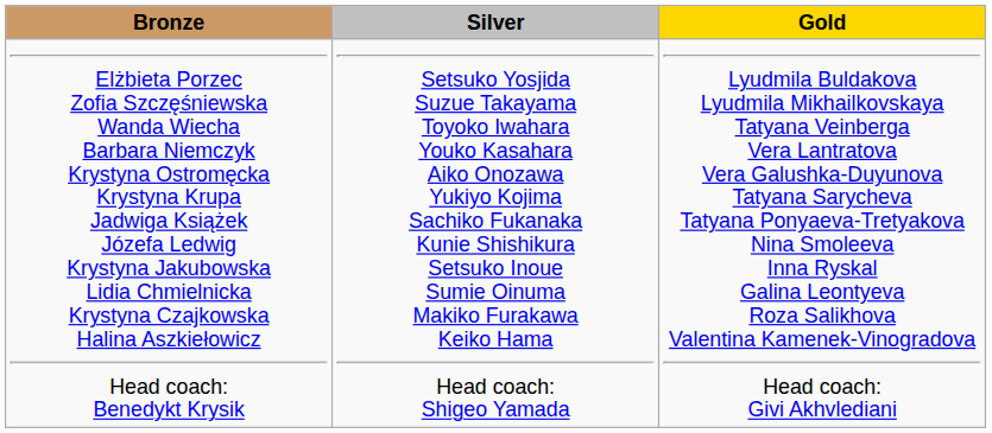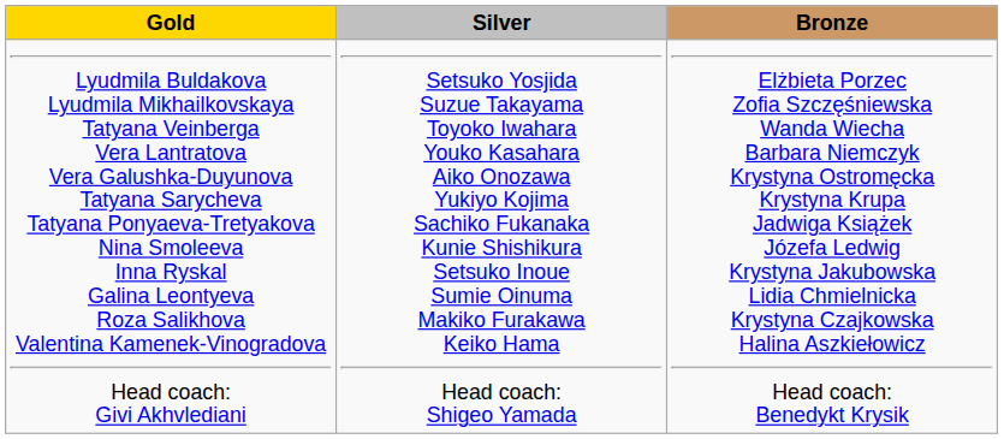 <table class="wikitable" style="text-align:center;font-size:95%;">
 <tr>
+<th style="width: 15em;background:gold">Gold</th>
+<th style="width: 15em;background:silver">Silver</th>
 <th style="width: 15em;background:#CC9966">Bronze</th>
-<th style="width: 15em;background:silver">Silver</th>
-<th style="width: 15em;background:gold">Gold</th>
 </tr>
 <tr>
+<td><hr><a href='#'>Lyudmila Buldakova</a><br><a href='#'>Lyudmila Mikhailkovskaya</a><br><a href='#'>Tatyana Veinberga</a><br><a href='#'>Vera Lantratova</a><br><a href='#'>Vera Galushka-Duyunova</a><br><a href='#'>Tatyana Sarycheva</a><br><a href='#'>Tatyana Ponyaeva-Tretyakova</a><br><a href='#'>Nina Smoleeva</a><br><a href='#'>Inna Ryskal</a><br><a href='#'>Galina Leontyeva</a><br><a href='#'>Roza Salikhova</a><br><a href='#'>Valentina Kamenek-Vinogradova</a><br><hr>Head coach:<br><a href='#'>Givi Akhvlediani</a></td>
+<td><hr><a href='#'>Setsuko Yosjida</a><br><a href='#'>Suzue Takayama</a><br><a href='#'>Toyoko Iwahara</a><br><a href='#'>Youko Kasahara</a><br><a href='#'>Aiko Onozawa</a><br><a href='#'>Yukiyo Kojima</a><br><a href='#'>Sachiko Fukanaka</a><br><a href='#'>Kunie Shishikura</a><br><a href='#'>Setsuko Inoue</a><br><a href='#'>Sumie Oinuma</a><br><a href='#'>Makiko Furakawa</a><br><a href='#'>Keiko Hama</a><br><hr>Head coach:<br><a href='#'>Shigeo Yamada</a></td>
 <td><hr><a href='#'>Elżbieta Porzec</a><br><a href='#'>Zofia Szczęśniewska</a><br> <a href='#'>Wanda Wiecha</a><br><a href='#'>Barbara Niemczyk</a><br><a href='#'>Krystyna Ostromęcka</a><br><a href='#'>Krystyna Krupa</a><br><a href='#'>Jadwiga Książek</a><br><a href='#'>Józefa Ledwig</a><br><a href='#'>Krystyna Jakubowska</a><br><a href='#'>Lidia Chmielnicka</a><br><a href='#'>Krystyna Czajkowska</a><br><a href='#'>Halina Aszkiełowicz</a><br><hr>Head coach:<br><a href='#'>Benedykt Krysik</a></td>
-<td><hr><a href='#'>Setsuko Yosjida</a><br><a href='#'>Suzue Takayama</a><br><a href='#'>Toyoko Iwahara</a><br><a href='#'>Youko Kasahara</a><br><a href='#'>Aiko Onozawa</a><br><a href='#'>Yukiyo Kojima</a><br><a href='#'>Sachiko Fukanaka</a><br><a href='#'>Kunie Shishikura</a><br><a href='#'>Setsuko Inoue</a><br><a href='#'>Sumie Oinuma</a><br><a href='#'>Makiko Furakawa</a><br><a href='#'>Keiko Hama</a><br><hr>Head coach:<br><a href='#'>Shigeo Yamada</a></td>
-<td><hr><a href='#'>Lyudmila Buldakova</a><br><a href='#'>Lyudmila Mikhailkovskaya</a><br><a href='#'>Tatyana Veinberga</a><br><a href='#'>Vera Lantratova</a><br><a href='#'>Vera Galushka-Duyunova</a><br><a href='#'>Tatyana Sarycheva</a><br><a href='#'>Tatyana Ponyaeva-Tretyakova</a><br><a href='#'>Nina Smoleeva</a><br><a href='#'>Inna Ryskal</a><br><a href='#'>Galina Leontyeva</a><br><a href='#'>Roza Salikhova</a><br><a href='#'>Valentina Kamenek-Vinogradova</a><br><hr>Head coach:<br><a href='#'>Givi Akhvlediani</a></td>
 </tr>
 </table>
